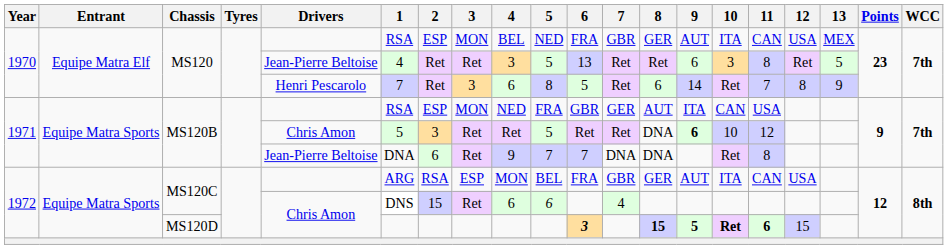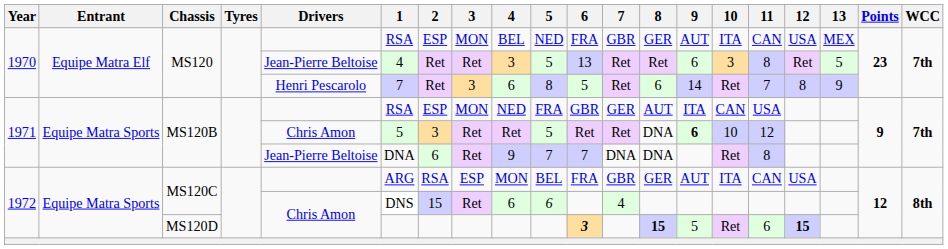 <table class="wikitable" style="text-align:center; font-size:95%">
 <tr>
 <th>Year</th>
 <th>Entrant</th>
 <th>Chassis</th>
 <th>Tyres</th>
 <th>Drivers</th>
 <th>1</th>
 <th>2</th>
 <th>3</th>
 <th>4</th>
 <th>5</th>
 <th>6</th>
 <th>7</th>
 <th>8</th>
 <th>9</th>
 <th>10</th>
 <th>11</th>
 <th>12</th>
 <th>13</th>
 <th><a href='#'>Points</a></th>
 <th>WCC</th>
 </tr>
 <tr>
 <td rowspan="3"><a href='#'>1970</a></td>
 <td rowspan="3"><a href='#'>Equipe Matra Elf</a></td>
 <td rowspan="3">MS120</td>
 <td rowspan="3"></td>
 <td></td>
 <td><a href='#'>RSA</a></td>
 <td><a href='#'>ESP</a></td>
 <td><a href='#'>MON</a></td>
 <td><a href='#'>BEL</a></td>
 <td><a href='#'>NED</a></td>
 <td><a href='#'>FRA</a></td>
 <td><a href='#'>GBR</a></td>
 <td><a href='#'>GER</a></td>
 <td><a href='#'>AUT</a></td>
 <td><a href='#'>ITA</a></td>
 <td><a href='#'>CAN</a></td>
 <td><a href='#'>USA</a></td>
 <td><a href='#'>MEX</a></td>
 <td rowspan="3"><strong>23</strong></td>
 <td rowspan="3"><strong>7th</strong></td>
 </tr>
 <tr>
 <td><a href='#'>Jean-Pierre Beltoise</a></td>
 <td style="background:#DFFFDF;">4</td>
 <td style="background:#EFCFFF;">Ret</td>
 <td style="background:#EFCFFF;">Ret</td>
 <td style="background:#FFDF9F;">3</td>
 <td style="background:#DFFFDF;">5</td>
 <td style="background:#CFCFFF;">13</td>
 <td style="background:#EFCFFF;">Ret</td>
 <td style="background:#EFCFFF;">Ret</td>
 <td style="background:#DFFFDF;">6</td>
 <td style="background:#FFDF9F;">3</td>
 <td style="background:#CFCFFF;">8</td>
 <td style="background:#EFCFFF;">Ret</td>
 <td style="background:#DFFFDF;">5</td>
 </tr>
 <tr>
 <td><a href='#'>Henri Pescarolo</a></td>
 <td style="background:#CFCFFF;">7</td>
 <td style="background:#EFCFFF;">Ret</td>
 <td style="background:#FFDF9F;">3</td>
 <td style="background:#DFFFDF;">6</td>
 <td style="background:#CFCFFF;">8</td>
 <td style="background:#DFFFDF;">5</td>
 <td style="background:#EFCFFF;">Ret</td>
 <td style="background:#DFFFDF;">6</td>
 <td style="background:#CFCFFF;">14</td>
 <td style="background:#EFCFFF;">Ret</td>
 <td style="background:#CFCFFF;">7</td>
 <td style="background:#CFCFFF;">8</td>
 <td style="background:#CFCFFF;">9</td>
 </tr>
 <tr>
 <td rowspan="3"><a href='#'>1971</a></td>
 <td rowspan="3"><a href='#'>Equipe Matra Sports</a></td>
 <td rowspan="3">MS120B</td>
 <td rowspan="3"></td>
 <td></td>
 <td><a href='#'>RSA</a></td>
 <td><a href='#'>ESP</a></td>
 <td><a href='#'>MON</a></td>
 <td><a href='#'>NED</a></td>
 <td><a href='#'>FRA</a></td>
 <td><a href='#'>GBR</a></td>
 <td><a href='#'>GER</a></td>
 <td><a href='#'>AUT</a></td>
 <td><a href='#'>ITA</a></td>
 <td><a href='#'>CAN</a></td>
 <td><a href='#'>USA</a></td>
 <td></td>
 <td></td>
 <td rowspan="3"><strong>9</strong></td>
 <td rowspan="3"><strong>7th</strong></td>
 </tr>
 <tr>
 <td><a href='#'>Chris Amon</a></td>
 <td style="background:#DFFFDF;">5</td>
 <td style="background:#FFDF9F;">3</td>
 <td style="background:#EFCFFF;">Ret</td>
 <td style="background:#EFCFFF;">Ret</td>
 <td style="background:#DFFFDF;">5</td>
 <td style="background:#EFCFFF;">Ret</td>
 <td style="background:#EFCFFF;">Ret</td>
 <td>DNA</td>
 <td style="background:#DFFFDF;"><strong>6</strong></td>
 <td style="background:#CFCFFF;">10</td>
 <td style="background:#CFCFFF;">12</td>
 <td></td>
 <td></td>
 </tr>
 <tr>
 <td><a href='#'>Jean-Pierre Beltoise</a></td>
 <td>DNA</td>
 <td style="background:#DFFFDF;">6</td>
 <td style="background:#EFCFFF;">Ret</td>
 <td style="background:#CFCFFF;">9</td>
 <td style="background:#CFCFFF;">7</td>
 <td style="background:#CFCFFF;">7</td>
 <td>DNA</td>
 <td>DNA</td>
 <td></td>
 <td style="background:#EFCFFF;">Ret</td>
 <td style="background:#CFCFFF;">8</td>
 <td></td>
 <td></td>
 </tr>
 <tr>
 <td rowspan="3"><a href='#'>1972</a></td>
 <td rowspan="3"><a href='#'>Equipe Matra Sports</a></td>
 <td rowspan="2">MS120C</td>
 <td rowspan="3"></td>
 <td></td>
 <td><a href='#'>ARG</a></td>
 <td><a href='#'>RSA</a></td>
 <td><a href='#'>ESP</a></td>
 <td><a href='#'>MON</a></td>
 <td><a href='#'>BEL</a></td>
 <td><a href='#'>FRA</a></td>
 <td><a href='#'>GBR</a></td>
 <td><a href='#'>GER</a></td>
 <td><a href='#'>AUT</a></td>
 <td><a href='#'>ITA</a></td>
 <td><a href='#'>CAN</a></td>
 <td><a href='#'>USA</a></td>
 <td></td>
 <td rowspan="3"><strong>12</strong></td>
 <td rowspan="3"><strong>8th</strong></td>
 </tr>
 <tr>
 <td rowspan="2"><a href='#'>Chris Amon</a></td>
 <td style="background:#FFFFFF;">DNS</td>
 <td style="background:#CFCFFF;">15</td>
 <td style="background:#EFCFFF;">Ret</td>
 <td style="background:#DFFFDF;">6</td>
 <td style="background:#DFFFDF;"><em>6</em></td>
 <td></td>
 <td style="background:#DFFFDF;">4</td>
 <td></td>
 <td></td>
 <td></td>
 <td></td>
 <td></td>
 <td></td>
 </tr>
 <tr>
 <td>MS120D</td>
 <td></td>
 <td></td>
 <td></td>
 <td></td>
 <td></td>
 <td style="background:#FFDF9F;"><strong><em>3</em></strong></td>
 <td></td>
 <td style="background:#CFCFFF;"><strong>15</strong></td>
-<td style="background:#DFFFDF;"><strong>5</strong></td>
-<td style="background:#EFCFFF;"><strong>Ret</strong></td>
-<td style="background:#DFFFDF;"><strong>6</strong></td>
-<td style="background:#CFCFFF;">15</td>
+<td style="background:#DFFFDF;">5</td>
+<td style="background:#EFCFFF;">Ret</td>
+<td style="background:#DFFFDF;">6</td>
+<td style="background:#CFCFFF;"><strong>15</strong></td>
 <td></td>
 </tr>
 <tr>
 <th colspan="20"></th>
 </tr>
 </table>
